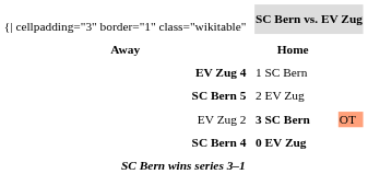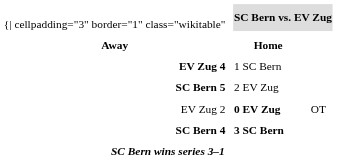 <table cellspacing="10">
 <tr>
 <td valign="top"><br>	{| cellpadding="3" border="1"  class="wikitable"</td>
 <th bgcolor="#DDDDDD" colspan="4">SC Bern vs. EV Zug</th>
 </tr>
 <tr>
 <th>Away</th>
 <th>Home</th>
 </tr>
 <tr>
 <td align = "right"><strong>EV Zug 4</strong></td>
 <td>1 SC Bern</td>
 <td> </td>
 </tr>
 <tr>
 <td align = "right"><strong>SC Bern 5</strong></td>
 <td>2 EV Zug</td>
 <td> </td>
 </tr>
 <tr>
 <td align = "right">EV Zug 2</td>
-<td><strong>3 SC Bern</strong></td>
-<td style="background: lightsalmon;">OT</td>
+<td><strong>0 EV Zug</strong></td>
+<td>OT</td>
 </tr>
 <tr>
 <td align = "right"><strong>SC Bern 4</strong></td>
-<td><strong>0 EV Zug</strong></td>
+<td><strong>3 SC Bern</strong></td>
 <td> </td>
 </tr>
 <tr align="center">
 <td colspan="4"><strong><em>SC Bern wins series 3–1</em></strong></td>
 </tr>
 </table>
